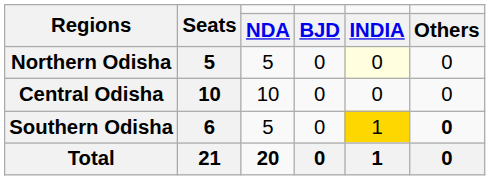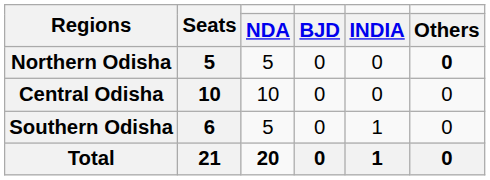 <table class="wikitable" style="text-align:center;">
 <tr>
 <th rowspan="2">Regions</th>
 <th rowspan="2">Seats</th>
 <td></td>
 <td></td>
 <td></td>
 <td></td>
 </tr>
 <tr>
 <th><a href='#'>NDA</a></th>
 <th><a href='#'>BJD</a></th>
 <th><a href='#'>INDIA</a></th>
 <th>Others</th>
 </tr>
 <tr>
 <th><strong>Northern Odisha</strong></th>
 <th>5</th>
 <td style="background:">5</td>
 <td>0</td>
-<td style="background: lightyellow;">0</td>
 <td>0</td>
+<td><strong>0</strong></td>
 </tr>
 <tr>
 <th><strong>Central Odisha</strong></th>
 <th>10</th>
 <td style="background:">10</td>
 <td>0</td>
 <td>0</td>
 <td>0</td>
 </tr>
 <tr>
 <th><strong>Southern Odisha</strong></th>
 <th>6</th>
 <td style="background:">5</td>
 <td>0</td>
-<td style="background: gold;">1</td>
-<td><strong>0</strong></td>
+<td>1</td>
+<td>0</td>
 </tr>
 <tr>
 <th>Total</th>
 <th>21</th>
 <td style="background:"><strong>20</strong></td>
 <th>0</th>
 <th>1</th>
 <th>0</th>
 </tr>
 </table>
